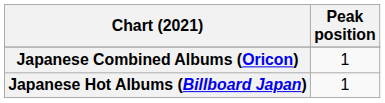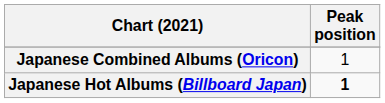 <table class="wikitable sortable plainrowheaders" style="text-align:center;">
 <tr>
 <th scope="col">Chart (2021)</th>
 <th scope="col">Peak<br>position</th>
 </tr>
 <tr>
 </tr>
 <tr>
 <th scope="row">Japanese Combined Albums (<a href='#'>Oricon</a>)</th>
 <td>1</td>
 </tr>
 <tr>
 <th scope="row">Japanese Hot Albums (<em><a href='#'>Billboard Japan</a></em>)</th>
-<td>1</td>
+<td><strong>1</strong></td>
 </tr>
 </table>
